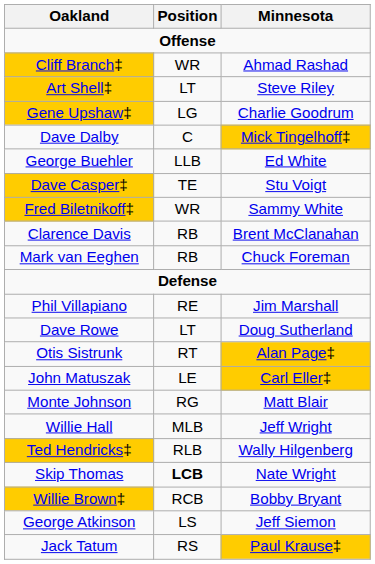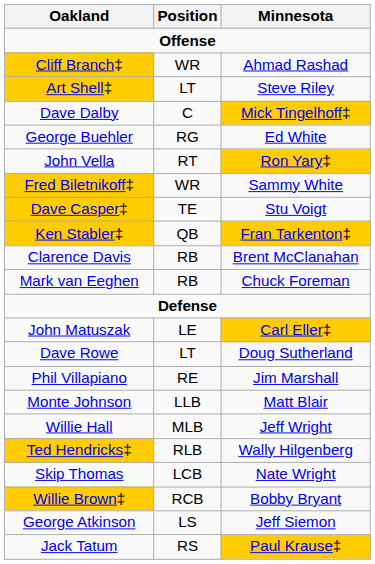 <table class="wikitable" style="text-align:center">
 <tr>
 <th width="150px">Oakland</th>
 <th>Position</th>
 <th width="150px">Minnesota</th>
 </tr>
 <tr>
 <td colspan="3"><strong>Offense</strong></td>
 </tr>
 <tr>
 <td bgcolor="#FFCC00"><a href='#'>Cliff Branch</a>‡</td>
 <td>WR</td>
 <td><a href='#'>Ahmad Rashad</a></td>
 </tr>
 <tr>
 <td bgcolor="#FFCC00"><a href='#'>Art Shell</a>‡</td>
 <td>LT</td>
 <td><a href='#'>Steve Riley</a></td>
 </tr>
 <tr>
-<td bgcolor="#FFCC00"><a href='#'>Gene Upshaw</a>‡</td>
-<td>LG</td>
-<td><a href='#'>Charlie Goodrum</a></td>
-</tr>
-<tr>
 <td><a href='#'>Dave Dalby</a></td>
 <td>C</td>
 <td bgcolor="#FFCC00"><a href='#'>Mick Tingelhoff</a>‡</td>
 </tr>
 <tr>
 <td><a href='#'>George Buehler</a></td>
-<td>LLB</td>
+<td>RG</td>
 <td><a href='#'>Ed White</a></td>
+</tr>
+<tr>
+<td><a href='#'>John Vella</a></td>
+<td>RT</td>
+<td bgcolor="#FFCC00"><a href='#'>Ron Yary</a>‡</td>
+</tr>
+<tr>
+<td bgcolor="#FFCC00"><a href='#'>Fred Biletnikoff</a>‡</td>
+<td>WR</td>
+<td><a href='#'>Sammy White</a></td>
 </tr>
 <tr>
 <td bgcolor="#FFCC00"><a href='#'>Dave Casper</a>‡</td>
 <td>TE</td>
 <td><a href='#'>Stu Voigt</a></td>
 </tr>
 <tr>
-<td bgcolor="#FFCC00"><a href='#'>Fred Biletnikoff</a>‡</td>
-<td>WR</td>
-<td><a href='#'>Sammy White</a></td>
+<td bgcolor="#FFCC00"><a href='#'>Ken Stabler</a>‡</td>
+<td>QB</td>
+<td bgcolor="#FFCC00"><a href='#'>Fran Tarkenton</a>‡</td>
 </tr>
 <tr>
 <td><a href='#'>Clarence Davis</a></td>
 <td>RB</td>
 <td><a href='#'>Brent McClanahan</a></td>
 </tr>
 <tr>
 <td><a href='#'>Mark van Eeghen</a></td>
 <td>RB</td>
 <td><a href='#'>Chuck Foreman</a></td>
 </tr>
 <tr>
 <td colspan="3"><strong>Defense</strong></td>
 </tr>
 <tr>
-<td><a href='#'>Phil Villapiano</a></td>
-<td>RE</td>
-<td><a href='#'>Jim Marshall</a></td>
+<td><a href='#'>John Matuszak</a></td>
+<td>LE</td>
+<td bgcolor="#FFCC00"><a href='#'>Carl Eller</a>‡</td>
 </tr>
 <tr>
 <td><a href='#'>Dave Rowe</a></td>
 <td>LT</td>
 <td><a href='#'>Doug Sutherland</a></td>
 </tr>
 <tr>
-<td><a href='#'>Otis Sistrunk</a></td>
-<td>RT</td>
-<td bgcolor="#FFCC00"><a href='#'>Alan Page</a>‡</td>
-</tr>
-<tr>
-<td><a href='#'>John Matuszak</a></td>
-<td>LE</td>
-<td bgcolor="#FFCC00"><a href='#'>Carl Eller</a>‡</td>
+<td><a href='#'>Phil Villapiano</a></td>
+<td>RE</td>
+<td><a href='#'>Jim Marshall</a></td>
 </tr>
 <tr>
 <td><a href='#'>Monte Johnson</a></td>
-<td>RG</td>
+<td>LLB</td>
 <td><a href='#'>Matt Blair</a></td>
 </tr>
 <tr>
 <td><a href='#'>Willie Hall</a></td>
 <td>MLB</td>
 <td><a href='#'>Jeff Wright</a></td>
 </tr>
 <tr>
 <td bgcolor="#FFCC00"><a href='#'>Ted Hendricks</a>‡</td>
 <td>RLB</td>
 <td><a href='#'>Wally Hilgenberg</a></td>
 </tr>
 <tr>
 <td><a href='#'>Skip Thomas</a></td>
-<td><strong>LCB</strong></td>
+<td>LCB</td>
 <td><a href='#'>Nate Wright</a></td>
 </tr>
 <tr>
 <td bgcolor="#FFCC00"><a href='#'>Willie Brown</a>‡</td>
 <td>RCB</td>
 <td><a href='#'>Bobby Bryant</a></td>
 </tr>
 <tr>
 <td><a href='#'>George Atkinson</a></td>
 <td>LS</td>
 <td><a href='#'>Jeff Siemon</a></td>
 </tr>
 <tr>
 <td><a href='#'>Jack Tatum</a></td>
 <td>RS</td>
 <td bgcolor="#FFCC00"><a href='#'>Paul Krause</a>‡</td>
 </tr>
 </table>
